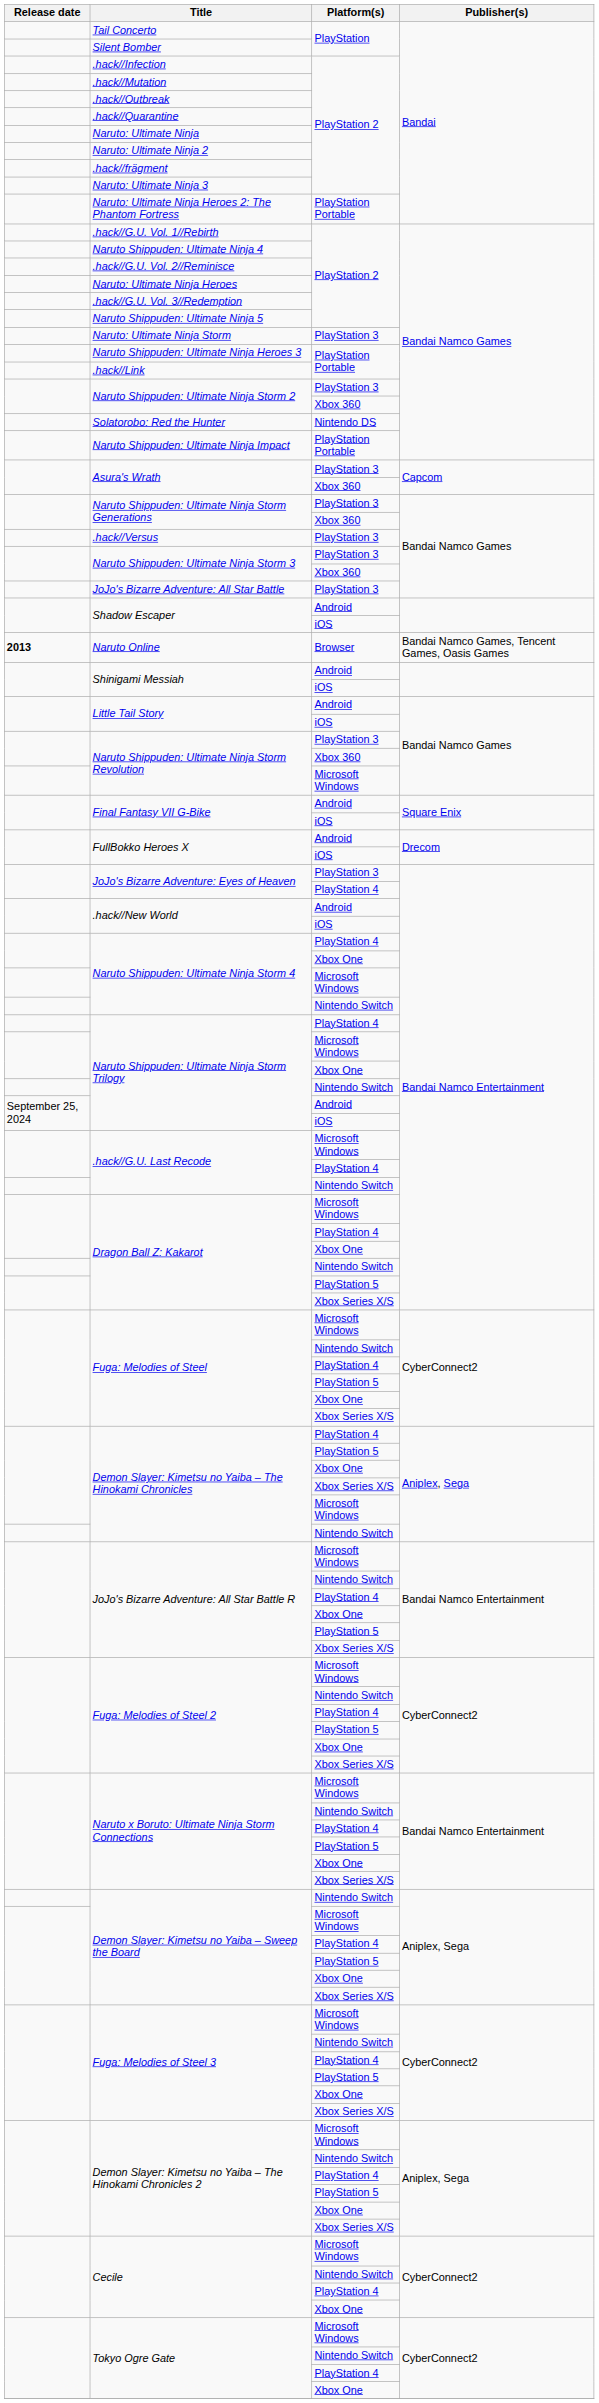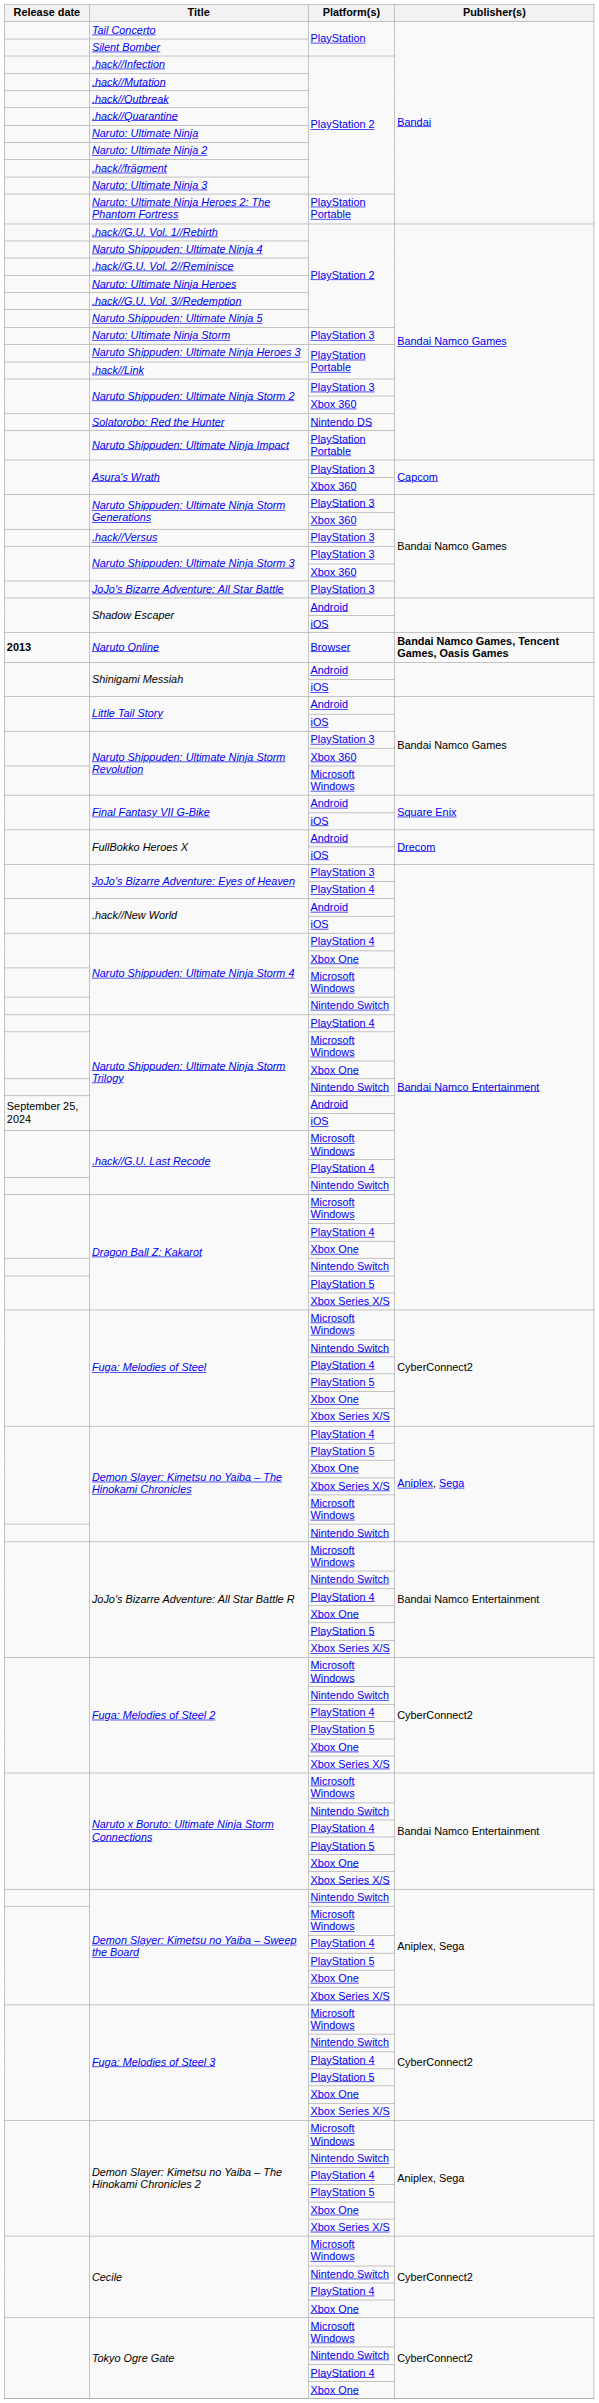 <table class="wikitable sortable">
 <tr>
 <th>Release date</th>
 <th>Title</th>
 <th>Platform(s)</th>
 <th>Publisher(s)</th>
 </tr>
 <tr>
 <td></td>
 <td><em><a href='#'>Tail Concerto</a></em></td>
 <td rowspan="2"><a href='#'>PlayStation</a></td>
 <td rowspan="11"><a href='#'>Bandai</a></td>
 </tr>
 <tr>
 <td></td>
 <td><em><a href='#'>Silent Bomber</a></em></td>
 </tr>
 <tr>
 <td></td>
 <td><em><a href='#'>.hack//Infection</a></em></td>
 <td rowspan="8"><a href='#'>PlayStation 2</a></td>
 </tr>
 <tr>
 <td></td>
 <td><em><a href='#'>.hack//Mutation</a></em></td>
 </tr>
 <tr>
 <td></td>
 <td><em><a href='#'>.hack//Outbreak</a></em></td>
 </tr>
 <tr>
 <td></td>
 <td><em><a href='#'>.hack//Quarantine</a></em></td>
 </tr>
 <tr>
 <td></td>
 <td><em><a href='#'>Naruto: Ultimate Ninja</a></em></td>
 </tr>
 <tr>
 <td></td>
 <td><em><a href='#'>Naruto: Ultimate Ninja 2</a></em></td>
 </tr>
 <tr>
 <td></td>
 <td><em><a href='#'>.hack//frägment</a></em></td>
 </tr>
 <tr>
 <td></td>
 <td><em><a href='#'>Naruto: Ultimate Ninja 3</a></em></td>
 </tr>
 <tr>
 <td></td>
 <td><em><a href='#'>Naruto: Ultimate Ninja Heroes 2: The Phantom Fortress</a></em></td>
 <td><a href='#'>PlayStation Portable</a></td>
 </tr>
 <tr>
 <td></td>
 <td><em><a href='#'>.hack//G.U. Vol. 1//Rebirth</a></em></td>
 <td rowspan="6"><a href='#'>PlayStation 2</a></td>
 <td rowspan="13"><a href='#'>Bandai Namco Games</a></td>
 </tr>
 <tr>
 <td></td>
 <td><em><a href='#'>Naruto Shippuden: Ultimate Ninja 4</a></em></td>
 </tr>
 <tr>
 <td></td>
 <td><em><a href='#'>.hack//G.U. Vol. 2//Reminisce</a></em></td>
 </tr>
 <tr>
 <td></td>
 <td><em><a href='#'>Naruto: Ultimate Ninja Heroes</a></em></td>
 </tr>
 <tr>
 <td></td>
 <td><em><a href='#'>.hack//G.U. Vol. 3//Redemption</a></em></td>
 </tr>
 <tr>
 <td></td>
 <td><em><a href='#'>Naruto Shippuden: Ultimate Ninja 5</a></em></td>
 </tr>
 <tr>
 <td></td>
 <td><em><a href='#'>Naruto: Ultimate Ninja Storm</a></em></td>
 <td><a href='#'>PlayStation 3</a></td>
 </tr>
 <tr>
 <td></td>
 <td><em><a href='#'>Naruto Shippuden: Ultimate Ninja Heroes 3</a></em></td>
 <td rowspan="2"><a href='#'>PlayStation Portable</a></td>
 </tr>
 <tr>
 <td></td>
 <td><em><a href='#'>.hack//Link</a></em></td>
 </tr>
 <tr>
 <td rowspan="2"></td>
 <td rowspan="2"><em><a href='#'>Naruto Shippuden: Ultimate Ninja Storm 2</a></em></td>
 <td><a href='#'>PlayStation 3</a></td>
 </tr>
 <tr>
 <td><a href='#'>Xbox 360</a></td>
 </tr>
 <tr>
 <td></td>
 <td><em><a href='#'>Solatorobo: Red the Hunter</a></em></td>
 <td><a href='#'>Nintendo DS</a></td>
 </tr>
 <tr>
 <td></td>
 <td><em><a href='#'>Naruto Shippuden: Ultimate Ninja Impact</a></em></td>
 <td><a href='#'>PlayStation Portable</a></td>
 </tr>
 <tr>
 <td rowspan="2"></td>
 <td rowspan="2"><em><a href='#'>Asura's Wrath</a></em></td>
 <td><a href='#'>PlayStation 3</a></td>
 <td rowspan="2"><a href='#'>Capcom</a></td>
 </tr>
 <tr>
 <td><a href='#'>Xbox 360</a></td>
 </tr>
 <tr>
 <td rowspan="2"></td>
 <td rowspan="2"><em><a href='#'>Naruto Shippuden: Ultimate Ninja Storm Generations</a></em></td>
 <td><a href='#'>PlayStation 3</a></td>
 <td rowspan="6">Bandai Namco Games</td>
 </tr>
 <tr>
 <td><a href='#'>Xbox 360</a></td>
 </tr>
 <tr>
 <td></td>
 <td><em><a href='#'>.hack//Versus</a></em></td>
 <td><a href='#'>PlayStation 3</a></td>
 </tr>
 <tr>
 <td rowspan="2"></td>
 <td rowspan="2"><em><a href='#'>Naruto Shippuden: Ultimate Ninja Storm 3</a></em></td>
 <td><a href='#'>PlayStation 3</a></td>
 </tr>
 <tr>
 <td><a href='#'>Xbox 360</a></td>
 </tr>
 <tr>
 <td></td>
 <td><em><a href='#'>JoJo's Bizarre Adventure: All Star Battle</a></em></td>
 <td><a href='#'>PlayStation 3</a></td>
 </tr>
 <tr>
 <td rowspan="2"></td>
 <td rowspan="2"><em>Shadow Escaper</em></td>
 <td><a href='#'>Android</a></td>
 <td rowspan="2"></td>
 </tr>
 <tr>
 <td><a href='#'>iOS</a></td>
 </tr>
 <tr>
 <td><strong>2013</strong></td>
 <td><em><a href='#'>Naruto Online</a></em></td>
 <td><a href='#'>Browser</a></td>
-<td>Bandai Namco Games, Tencent Games, Oasis Games</td>
+<td><strong>Bandai Namco Games, Tencent Games, Oasis Games</strong></td>
 </tr>
 <tr>
 <td rowspan="2"></td>
 <td rowspan="2"><em>Shinigami Messiah</em></td>
 <td><a href='#'>Android</a></td>
 <td rowspan="2"></td>
 </tr>
 <tr>
 <td><a href='#'>iOS</a></td>
 </tr>
 <tr>
 <td rowspan="2"></td>
 <td rowspan="2"><em><a href='#'>Little Tail Story</a></em></td>
 <td><a href='#'>Android</a></td>
 <td rowspan="5">Bandai Namco Games</td>
 </tr>
 <tr>
 <td><a href='#'>iOS</a></td>
 </tr>
 <tr>
 <td rowspan="2"></td>
 <td rowspan="3"><em><a href='#'>Naruto Shippuden: Ultimate Ninja Storm Revolution</a></em></td>
 <td><a href='#'>PlayStation 3</a></td>
 </tr>
 <tr>
 <td><a href='#'>Xbox 360</a></td>
 </tr>
 <tr>
 <td></td>
 <td><a href='#'>Microsoft Windows</a></td>
 </tr>
 <tr>
 <td rowspan="2"></td>
 <td rowspan="2"><em><a href='#'>Final Fantasy VII G-Bike</a></em></td>
 <td><a href='#'>Android</a></td>
 <td rowspan="2"><a href='#'>Square Enix</a></td>
 </tr>
 <tr>
 <td><a href='#'>iOS</a></td>
 </tr>
 <tr>
 <td rowspan="2"></td>
 <td rowspan="2"><em>FullBokko Heroes X</em></td>
 <td><a href='#'>Android</a></td>
 <td rowspan="2"><a href='#'>Drecom</a></td>
 </tr>
 <tr>
 <td><a href='#'>iOS</a></td>
 </tr>
 <tr>
 <td rowspan="2"></td>
 <td rowspan="2"><em><a href='#'>JoJo's Bizarre Adventure: Eyes of Heaven</a></em></td>
 <td><a href='#'>PlayStation 3</a></td>
 <td rowspan="23"><a href='#'>Bandai Namco Entertainment</a></td>
 </tr>
 <tr>
 <td><a href='#'>PlayStation 4</a></td>
 </tr>
 <tr>
 <td rowspan="2"></td>
 <td rowspan="2"><em>.hack//New World</em></td>
 <td><a href='#'>Android</a></td>
 </tr>
 <tr>
 <td><a href='#'>iOS</a></td>
 </tr>
 <tr>
 <td rowspan="2"></td>
 <td rowspan="4"><em><a href='#'>Naruto Shippuden: Ultimate Ninja Storm 4</a></em></td>
 <td><a href='#'>PlayStation 4</a></td>
 </tr>
 <tr>
 <td><a href='#'>Xbox One</a></td>
 </tr>
 <tr>
 <td></td>
 <td><a href='#'>Microsoft Windows</a></td>
 </tr>
 <tr>
 <td></td>
 <td><a href='#'>Nintendo Switch</a></td>
 </tr>
 <tr>
 <td></td>
 <td rowspan="6"><em><a href='#'>Naruto Shippuden: Ultimate Ninja Storm Trilogy</a></em></td>
 <td><a href='#'>PlayStation 4</a></td>
 </tr>
 <tr>
 <td rowspan="2"></td>
 <td><a href='#'>Microsoft Windows</a></td>
 </tr>
 <tr>
 <td><a href='#'>Xbox One</a></td>
 </tr>
 <tr>
 <td></td>
 <td><a href='#'>Nintendo Switch</a></td>
 </tr>
 <tr>
 <td rowspan="2">September 25, 2024</td>
 <td><a href='#'>Android</a></td>
 </tr>
 <tr>
 <td><a href='#'>iOS</a></td>
 </tr>
 <tr>
 <td rowspan="2"></td>
 <td rowspan="3"><em><a href='#'>.hack//G.U. Last Recode</a></em></td>
 <td><a href='#'>Microsoft Windows</a></td>
 </tr>
 <tr>
 <td><a href='#'>PlayStation 4</a></td>
 </tr>
 <tr>
 <td></td>
 <td><a href='#'>Nintendo Switch</a></td>
 </tr>
 <tr>
 <td rowspan="3"></td>
 <td rowspan="6"><em><a href='#'>Dragon Ball Z: Kakarot</a></em></td>
 <td><a href='#'>Microsoft Windows</a></td>
 </tr>
 <tr>
 <td><a href='#'>PlayStation 4</a></td>
 </tr>
 <tr>
 <td><a href='#'>Xbox One</a></td>
 </tr>
 <tr>
 <td></td>
 <td><a href='#'>Nintendo Switch</a></td>
 </tr>
 <tr>
 <td rowspan="2"></td>
 <td><a href='#'>PlayStation 5</a></td>
 </tr>
 <tr>
 <td><a href='#'>Xbox Series X/S</a></td>
 </tr>
 <tr>
 <td rowspan="6"></td>
 <td rowspan="6"><em><a href='#'>Fuga: Melodies of Steel</a></em></td>
 <td><a href='#'>Microsoft Windows</a></td>
 <td rowspan="6">CyberConnect2</td>
 </tr>
 <tr>
 <td><a href='#'>Nintendo Switch</a></td>
 </tr>
 <tr>
 <td><a href='#'>PlayStation 4</a></td>
 </tr>
 <tr>
 <td><a href='#'>PlayStation 5</a></td>
 </tr>
 <tr>
 <td><a href='#'>Xbox One</a></td>
 </tr>
 <tr>
 <td><a href='#'>Xbox Series X/S</a></td>
 </tr>
 <tr>
 <td rowspan="5"></td>
 <td rowspan="6"><em><a href='#'>Demon Slayer: Kimetsu no Yaiba – The Hinokami Chronicles</a></em></td>
 <td><a href='#'>PlayStation 4</a></td>
 <td rowspan="6"><a href='#'>Aniplex</a>, <a href='#'>Sega</a></td>
 </tr>
 <tr>
 <td><a href='#'>PlayStation 5</a></td>
 </tr>
 <tr>
 <td><a href='#'>Xbox One</a></td>
 </tr>
 <tr>
 <td><a href='#'>Xbox Series X/S</a></td>
 </tr>
 <tr>
 <td><a href='#'>Microsoft Windows</a></td>
 </tr>
 <tr>
 <td></td>
 <td><a href='#'>Nintendo Switch</a></td>
 </tr>
 <tr>
 <td rowspan="6"></td>
 <td rowspan="6"><em>JoJo's Bizarre Adventure: All Star Battle R</em></td>
 <td><a href='#'>Microsoft Windows</a></td>
 <td rowspan="6">Bandai Namco Entertainment</td>
 </tr>
 <tr>
 <td><a href='#'>Nintendo Switch</a></td>
 </tr>
 <tr>
 <td><a href='#'>PlayStation 4</a></td>
 </tr>
 <tr>
 <td><a href='#'>Xbox One</a></td>
 </tr>
 <tr>
 <td><a href='#'>PlayStation 5</a></td>
 </tr>
 <tr>
 <td><a href='#'>Xbox Series X/S</a></td>
 </tr>
 <tr>
 <td rowspan="6"></td>
 <td rowspan="6"><em><a href='#'>Fuga: Melodies of Steel 2</a></em></td>
 <td><a href='#'>Microsoft Windows</a></td>
 <td rowspan="6">CyberConnect2</td>
 </tr>
 <tr>
 <td><a href='#'>Nintendo Switch</a></td>
 </tr>
 <tr>
 <td><a href='#'>PlayStation 4</a></td>
 </tr>
 <tr>
 <td><a href='#'>PlayStation 5</a></td>
 </tr>
 <tr>
 <td><a href='#'>Xbox One</a></td>
 </tr>
 <tr>
 <td><a href='#'>Xbox Series X/S</a></td>
 </tr>
 <tr>
 <td rowspan="6"></td>
 <td rowspan="6"><em><a href='#'>Naruto x Boruto: Ultimate Ninja Storm Connections</a></em></td>
 <td><a href='#'>Microsoft Windows</a></td>
 <td rowspan="6">Bandai Namco Entertainment</td>
 </tr>
 <tr>
 <td><a href='#'>Nintendo Switch</a></td>
 </tr>
 <tr>
 <td><a href='#'>PlayStation 4</a></td>
 </tr>
 <tr>
 <td><a href='#'>PlayStation 5</a></td>
 </tr>
 <tr>
 <td><a href='#'>Xbox One</a></td>
 </tr>
 <tr>
 <td><a href='#'>Xbox Series X/S</a></td>
 </tr>
 <tr>
 <td></td>
 <td rowspan="6"><em><a href='#'>Demon Slayer: Kimetsu no Yaiba – Sweep the Board</a></em></td>
 <td><a href='#'>Nintendo Switch</a></td>
 <td rowspan="6">Aniplex, Sega</td>
 </tr>
 <tr>
 <td rowspan="5"></td>
 <td><a href='#'>Microsoft Windows</a></td>
 </tr>
 <tr>
 <td><a href='#'>PlayStation 4</a></td>
 </tr>
 <tr>
 <td><a href='#'>PlayStation 5</a></td>
 </tr>
 <tr>
 <td><a href='#'>Xbox One</a></td>
 </tr>
 <tr>
 <td><a href='#'>Xbox Series X/S</a></td>
 </tr>
 <tr>
 <td rowspan="6"></td>
 <td rowspan="6"><em><a href='#'>Fuga: Melodies of Steel 3</a></em></td>
 <td><a href='#'>Microsoft Windows</a></td>
 <td rowspan="6">CyberConnect2</td>
 </tr>
 <tr>
 <td><a href='#'>Nintendo Switch</a></td>
 </tr>
 <tr>
 <td><a href='#'>PlayStation 4</a></td>
 </tr>
 <tr>
 <td><a href='#'>PlayStation 5</a></td>
 </tr>
 <tr>
 <td><a href='#'>Xbox One</a></td>
 </tr>
 <tr>
 <td><a href='#'>Xbox Series X/S</a></td>
 </tr>
 <tr>
 <td rowspan="6"></td>
 <td rowspan="6"><em>Demon Slayer: Kimetsu no Yaiba – The Hinokami Chronicles 2</em></td>
 <td><a href='#'>Microsoft Windows</a></td>
 <td rowspan="6">Aniplex, Sega</td>
 </tr>
 <tr>
 <td><a href='#'>Nintendo Switch</a></td>
 </tr>
 <tr>
 <td><a href='#'>PlayStation 4</a></td>
 </tr>
 <tr>
 <td><a href='#'>PlayStation 5</a></td>
 </tr>
 <tr>
 <td><a href='#'>Xbox One</a></td>
 </tr>
 <tr>
 <td><a href='#'>Xbox Series X/S</a></td>
 </tr>
 <tr>
 <td rowspan="4"></td>
 <td rowspan="4"><em>Cecile</em></td>
 <td><a href='#'>Microsoft Windows</a></td>
 <td rowspan="4">CyberConnect2</td>
 </tr>
 <tr>
 <td><a href='#'>Nintendo Switch</a></td>
 </tr>
 <tr>
 <td><a href='#'>PlayStation 4</a></td>
 </tr>
 <tr>
 <td><a href='#'>Xbox One</a></td>
 </tr>
 <tr>
 <td rowspan="4"></td>
 <td rowspan="4"><em>Tokyo Ogre Gate</em></td>
 <td><a href='#'>Microsoft Windows</a></td>
 <td rowspan="4">CyberConnect2</td>
 </tr>
 <tr>
 <td><a href='#'>Nintendo Switch</a></td>
 </tr>
 <tr>
 <td><a href='#'>PlayStation 4</a></td>
 </tr>
 <tr>
 <td><a href='#'>Xbox One</a></td>
 </tr>
 <tr>
 </tr>
 </table>
